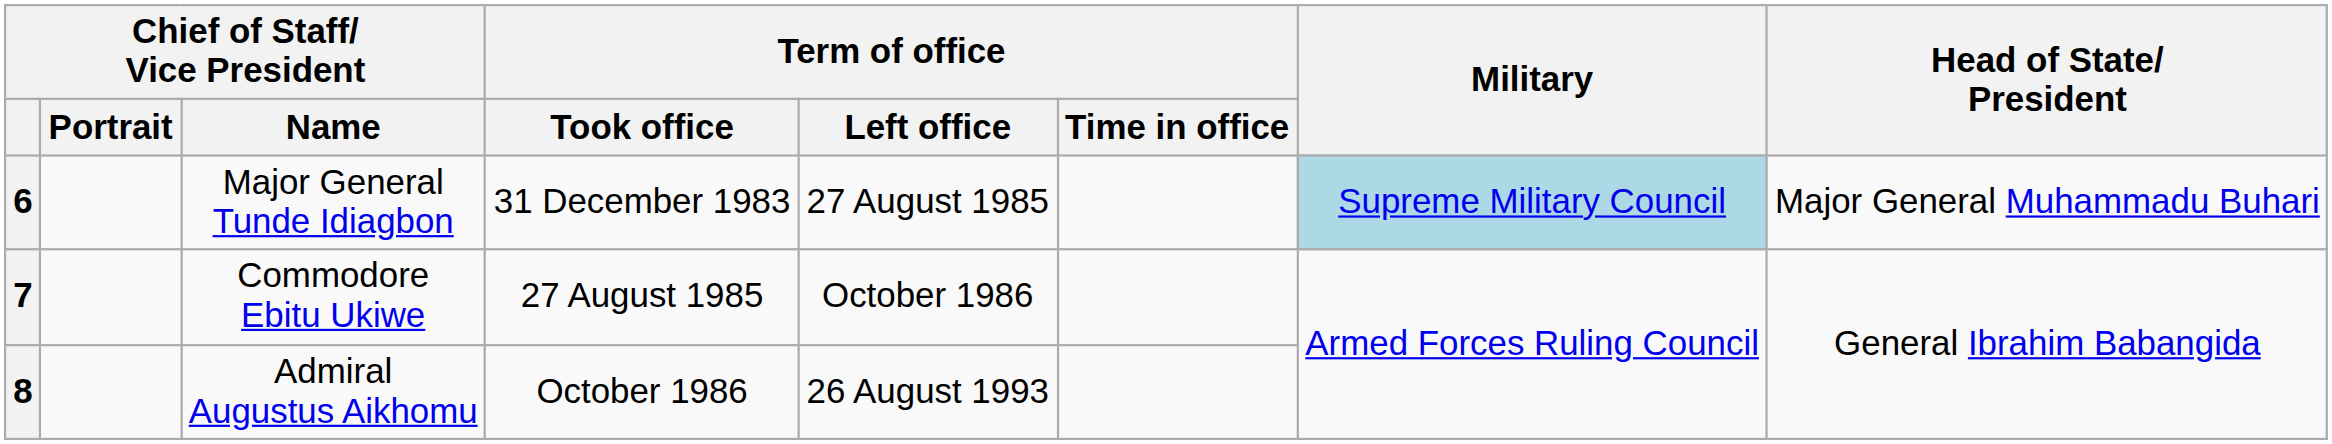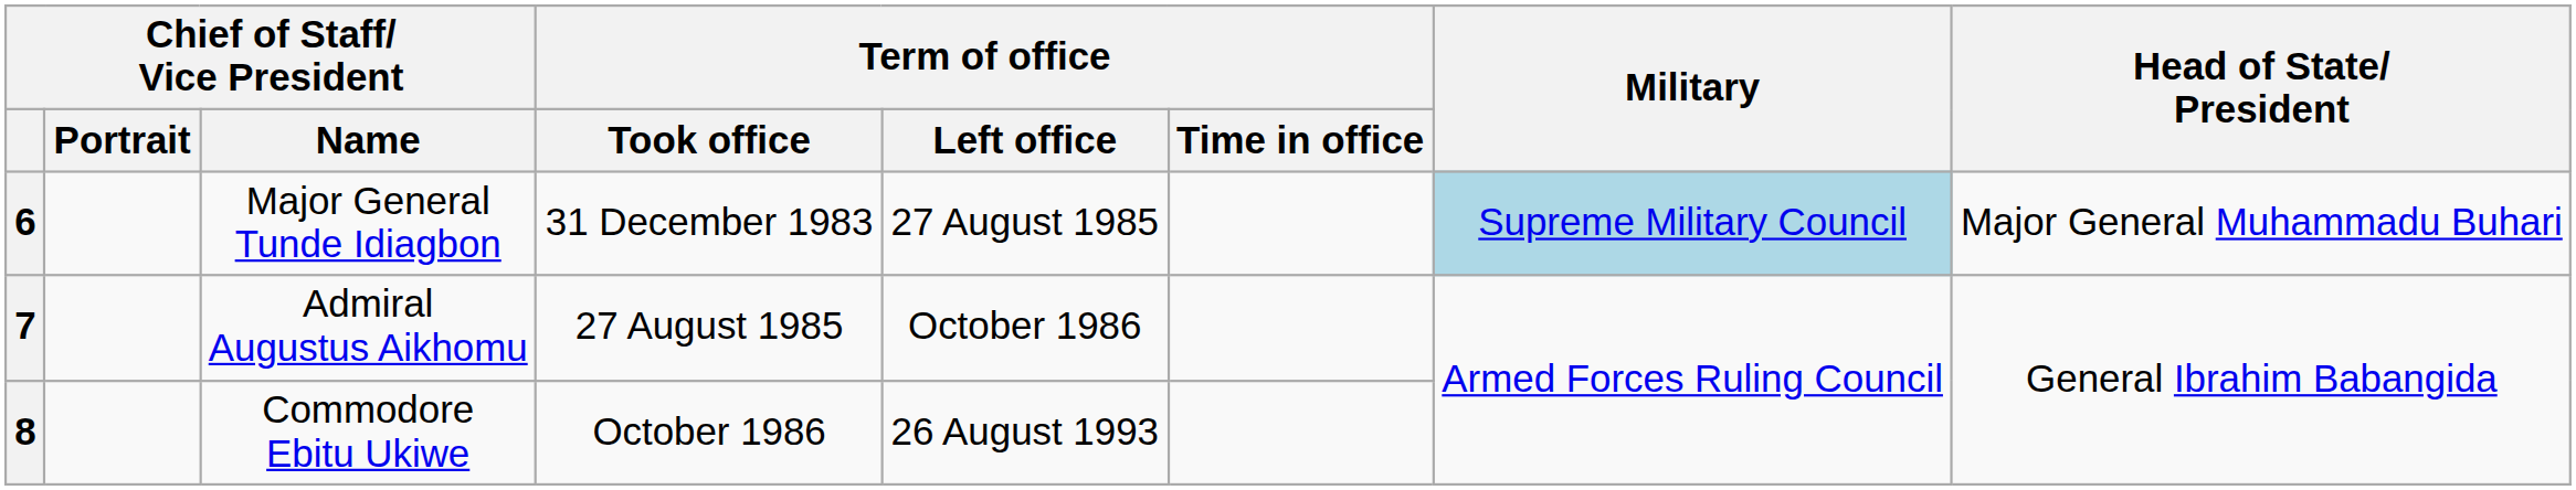 <table class="wikitable" style="text-align:center">
 <tr>
 <th colspan=3>Chief of Staff/<br>Vice President</th>
 <th colspan=3>Term of office</th>
 <th rowspan=2>Military</th>
 <th rowspan=2>Head of State/<br>President</th>
 </tr>
 <tr>
 <th></th>
 <th>Portrait</th>
 <th>Name<br></th>
 <th>Took office</th>
 <th>Left office</th>
 <th>Time in office</th>
 </tr>
 <tr>
 <th style="background:">6</th>
 <td></td>
 <td>Major General<br><a href='#'>Tunde Idiagbon</a><br></td>
 <td>31 December 1983</td>
 <td>27 August 1985<br></td>
 <td></td>
 <td style="background: lightblue;"><a href='#'>Supreme Military Council</a></td>
 <td>Major General <a href='#'>Muhammadu Buhari</a></td>
 </tr>
 <tr>
 <th style="background:">7</th>
 <td></td>
-<td>Commodore<br><a href='#'>Ebitu Ukiwe</a><br></td>
+<td>Admiral<br><a href='#'>Augustus Aikhomu</a><br></td>
 <td>27 August 1985</td>
 <td>October 1986<br></td>
 <td></td>
 <td rowspan="2"><a href='#'>Armed Forces Ruling Council</a></td>
 <td rowspan = 2>General <a href='#'>Ibrahim Babangida</a></td>
 </tr>
 <tr>
 <th style="background:">8</th>
 <td></td>
-<td>Admiral<br><a href='#'>Augustus Aikhomu</a><br></td>
+<td>Commodore<br><a href='#'>Ebitu Ukiwe</a><br></td>
 <td>October 1986</td>
 <td>26 August 1993<br></td>
 <td></td>
 </tr>
 </table>
